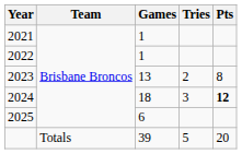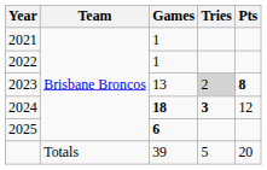 <table class="wikitable">
 <tr>
 <th>Year</th>
 <th>Team</th>
 <th>Games</th>
 <th>Tries</th>
 <th>Pts</th>
 </tr>
 <tr>
 <td>2021</td>
 <td rowspan="5"> <a href='#'>Brisbane Broncos</a></td>
 <td>1</td>
 <td></td>
 <td></td>
 </tr>
 <tr>
 <td>2022</td>
 <td>1</td>
 <td></td>
 <td></td>
 </tr>
 <tr>
 <td>2023</td>
 <td>13</td>
-<td>2</td>
-<td>8</td>
+<td style="background: lightgrey;">2</td>
+<td><strong>8</strong></td>
 </tr>
 <tr>
 <td>2024</td>
-<td>18</td>
-<td>3</td>
-<td><strong>12</strong></td>
+<td><strong>18</strong></td>
+<td><strong>3</strong></td>
+<td>12</td>
 </tr>
 <tr>
 <td>2025</td>
-<td>6</td>
+<td><strong>6</strong></td>
 <td></td>
 <td></td>
 </tr>
 <tr>
 <td></td>
 <td>Totals</td>
 <td>39</td>
 <td>5</td>
 <td>20</td>
 </tr>
 </table>
